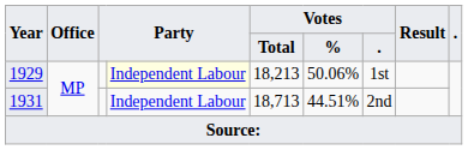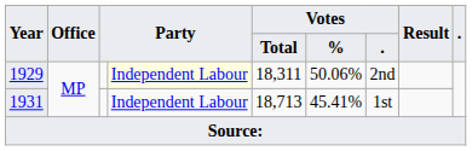 <table class="wikitable" style="font-size:90%; text-align:center;">
 <tr>
 <th style="background-color:#EAECF0;" rowspan=2>Year</th>
 <th style="background-color:#EAECF0;" rowspan=2>Office</th>
 <th style="background-color:#EAECF0;" colspan=2 rowspan=2>Party</th>
 <th style="background-color:#EAECF0;" colspan=3>Votes</th>
 <th style="background-color:#EAECF0;" rowspan=2>Result</th>
 <th style="background-color:#EAECF0;" rowspan=2>.</th>
 </tr>
 <tr>
 <th style="background-color:#EAECF0;">Total</th>
 <th style="background-color:#EAECF0;">%</th>
 <th style="background-color:#EAECF0;">.</th>
 </tr>
 <tr>
 <td style="background-color:#EAECF0;"><a href='#'>1929</a></td>
 <td rowspan=2><a href='#'>MP</a></td>
 <td style="background-color:"></td>
 <td style="background: lightyellow;"><a href='#'>Independent Labour</a></td>
-<td>18,213</td>
+<td>18,311</td>
 <td>50.06%</td>
-<td>1st</td>
+<td>2nd</td>
 <td></td>
 <td rowspan=2></td>
 </tr>
 <tr>
 <td style="background-color:#EAECF0;"><a href='#'>1931</a></td>
 <td style="background-color:"></td>
 <td><a href='#'>Independent Labour</a></td>
 <td>18,713</td>
-<td>44.51%</td>
-<td>2nd</td>
+<td>45.41%</td>
+<td>1st</td>
 <td></td>
 </tr>
 <tr>
 <td style="background-color:#EAECF0;" colspan=9><strong>Source:</strong> </td>
 </tr>
 </table>
